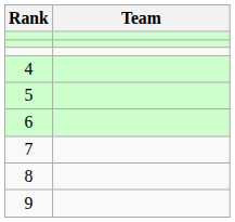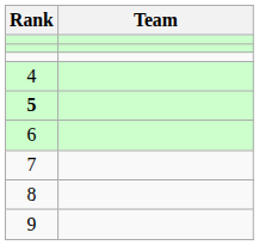 <table class=wikitable style="text-align:center;">
 <tr>
 <th>Rank</th>
 <th width=160>Team</th>
 </tr>
 <tr bgcolor=#CCFFCC>
 <td></td>
 <td align=left></td>
 </tr>
 <tr bgcolor=ccffcc>
 <td></td>
 <td align=left></td>
 </tr>
 <tr>
 <td></td>
 <td align=left></td>
 </tr>
 <tr bgcolor=ccffcc>
 <td>4</td>
 <td align=left></td>
 </tr>
 <tr bgcolor=ccffcc>
-<td>5</td>
+<td><strong>5</strong></td>
 <td align=left></td>
 </tr>
 <tr bgcolor=ccffcc>
 <td>6</td>
 <td align=left></td>
 </tr>
 <tr>
 <td>7</td>
 <td align=left></td>
 </tr>
 <tr>
 <td>8</td>
 <td align=left></td>
 </tr>
 <tr>
 <td>9</td>
 <td align=left></td>
 </tr>
 </table>
